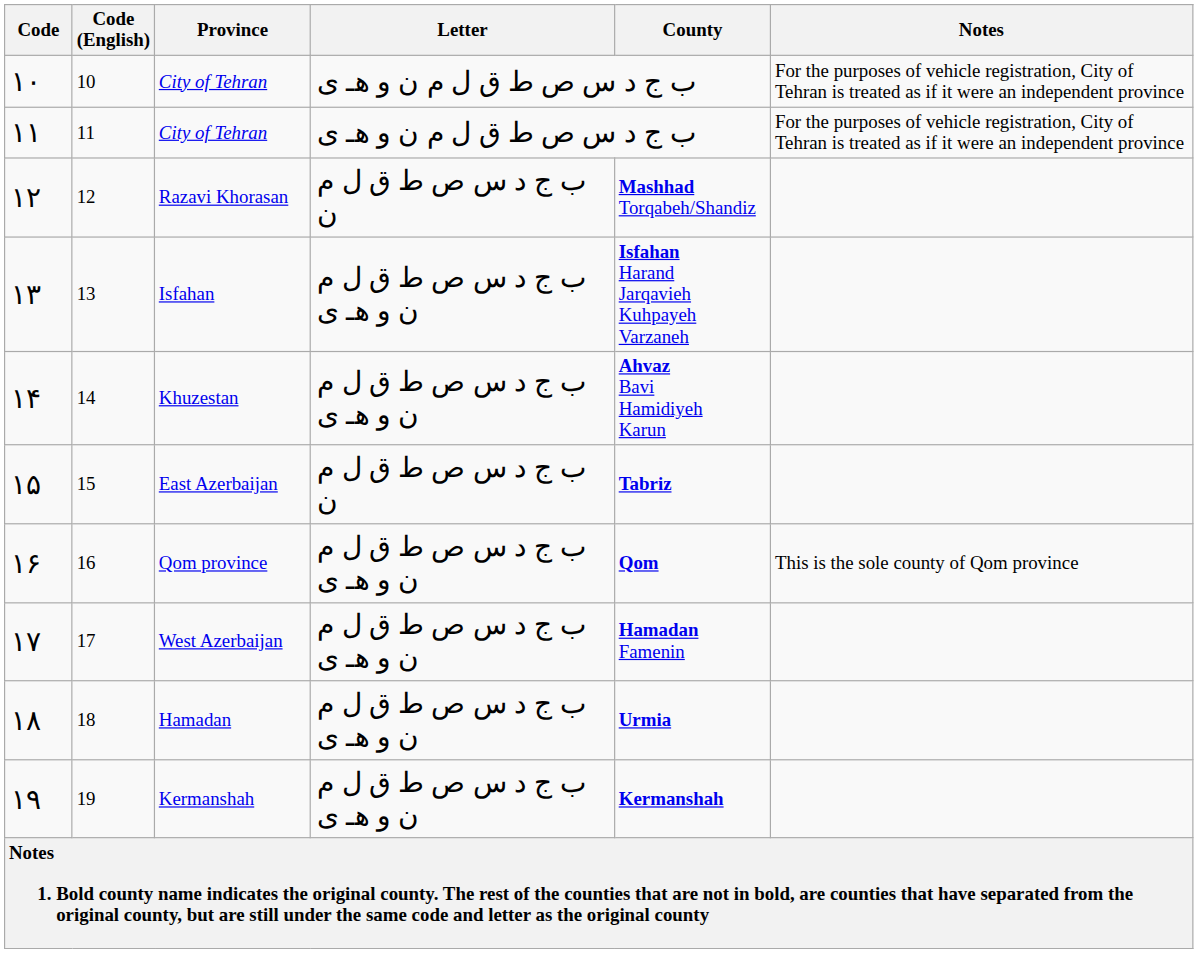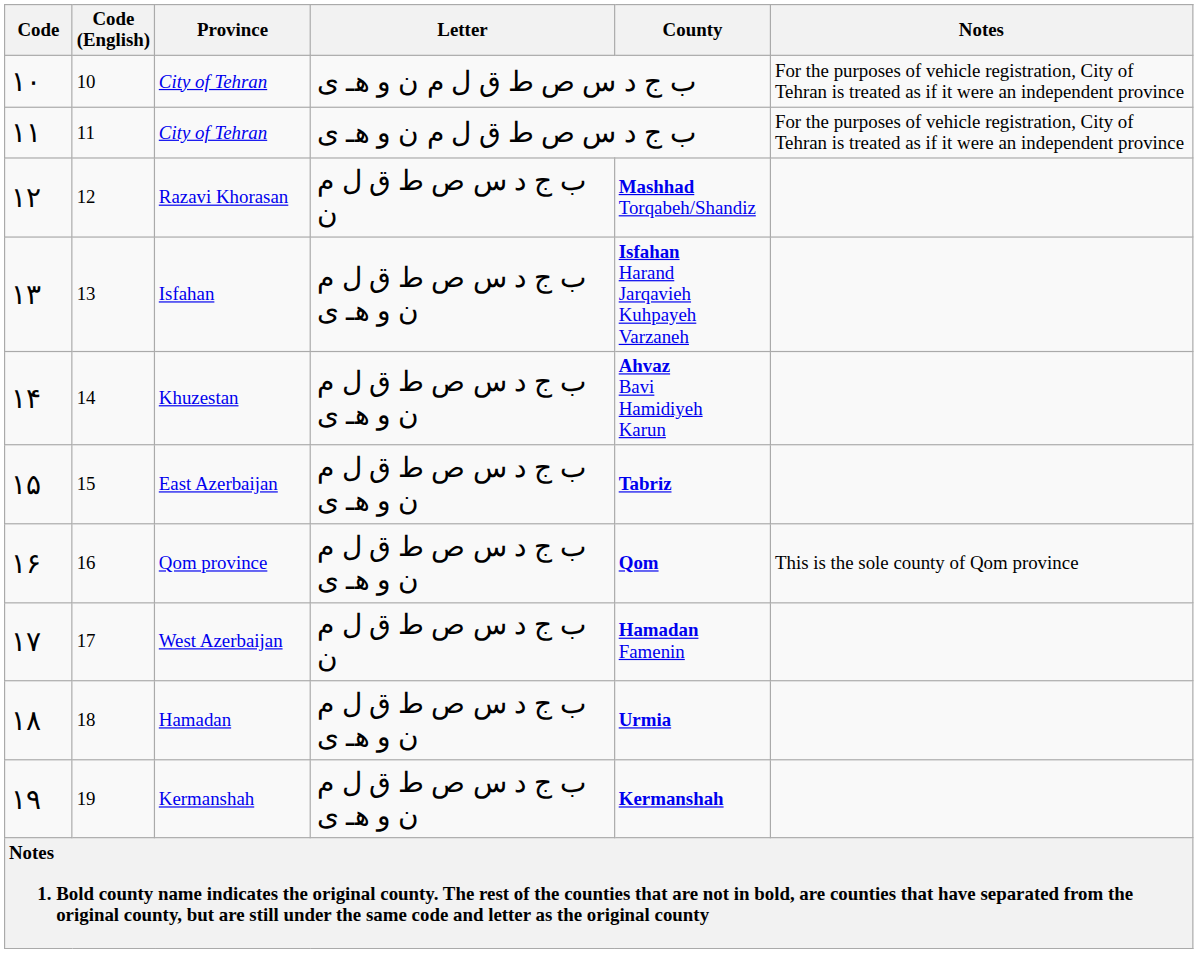 <table class="wikitable mw-collapsible mw-collapsed">
 <tr>
 <th scope="col" style="width: 50px;">Code</th>
 <th scope="col" style="width: 50px;">Code<br>(English)</th>
 <th scope="col" style="width: 125px;">Province</th>
 <th scope="col" style="width: 250px;">Letter</th>
 <th scope="col" style="width: 125px;">County</th>
 <th scope="col" style="width: 350px;">Notes</th>
 </tr>
 <tr>
 <td style="font-size:150%">۱۰</td>
 <td>10</td>
 <td><em><a href='#'>City of Tehran</a></em></td>
 <td style="font-size:150%" colspan="2">ب ج د س ص ط ق ل م ن و هـ ی</td>
 <td>For the purposes of vehicle registration, City of Tehran is treated as if it were an independent province</td>
 </tr>
 <tr>
 <td style="font-size:150%">۱۱</td>
 <td>11</td>
 <td><em><a href='#'>City of Tehran</a></em></td>
 <td style="font-size:150%" colspan="2">ب ج د س ص ط ق ل م ن و هـ ی</td>
 <td>For the purposes of vehicle registration, City of Tehran is treated as if it were an independent province</td>
 </tr>
 <tr>
 <td style="font-size:150%">۱۲</td>
 <td>12</td>
 <td><a href='#'>Razavi Khorasan</a></td>
 <td style="font-size:150%">ب ج د س ص ط ق ل م ن</td>
 <td><strong><a href='#'>Mashhad</a></strong><br><a href='#'>Torqabeh/Shandiz</a></td>
 <td></td>
 </tr>
 <tr>
 <td style="font-size:150%">۱۳</td>
 <td>13</td>
 <td><a href='#'>Isfahan</a></td>
 <td style="font-size:150%">ب ج د س ص ط ق ل م ن و هـ ی</td>
 <td><strong><a href='#'>Isfahan</a></strong><br><a href='#'>Harand</a><br><a href='#'>Jarqavieh</a><br><a href='#'>Kuhpayeh</a><br><a href='#'>Varzaneh</a></td>
 <td></td>
 </tr>
 <tr>
 <td style="font-size:150%">۱۴</td>
 <td>14</td>
 <td><a href='#'>Khuzestan</a></td>
 <td style="font-size:150%">ب ج د س ص ط ق ل م ن و هـ ی</td>
 <td><strong><a href='#'>Ahvaz</a></strong><br><a href='#'>Bavi</a><br><a href='#'>Hamidiyeh</a><br><a href='#'>Karun</a></td>
 <td></td>
 </tr>
 <tr>
 <td style="font-size:150%">۱۵</td>
 <td>15</td>
 <td><a href='#'>East Azerbaijan</a></td>
-<td style="font-size:150%">ب ج د س ص ط ق ل م ن</td>
+<td style="font-size:150%">ب ج د س ص ط ق ل م ن و هـ ی</td>
 <td><strong><a href='#'>Tabriz</a></strong></td>
 <td></td>
 </tr>
 <tr>
 <td style="font-size:150%">۱۶</td>
 <td>16</td>
 <td><a href='#'>Qom province</a></td>
 <td style="font-size:150%">ب ج د س ص ط ق ل م ن و هـ ی</td>
 <td><strong><a href='#'>Qom</a></strong></td>
 <td>This is the sole county of Qom province</td>
 </tr>
 <tr>
 <td style="font-size:150%">۱۷</td>
 <td>17</td>
 <td><a href='#'>West Azerbaijan</a></td>
-<td style="font-size:150%">ب ج د س ص ط ق ل م ن و هـ ی</td>
+<td style="font-size:150%">ب ج د س ص ط ق ل م ن</td>
 <td><strong><a href='#'>Hamadan</a></strong><br><a href='#'>Famenin</a></td>
 <td></td>
 </tr>
 <tr>
 <td style="font-size:150%">۱۸</td>
 <td>18</td>
 <td><a href='#'>Hamadan</a></td>
 <td style="font-size:150%">ب ج د س ص ط ق ل م ن و هـ ی</td>
 <td><strong><a href='#'>Urmia</a></strong></td>
 <td></td>
 </tr>
 <tr>
 <td style="font-size:150%">۱۹</td>
 <td>19</td>
 <td><a href='#'>Kermanshah</a></td>
 <td style="font-size:150%">ب ج د س ص ط ق ل م ن و هـ ی</td>
 <td><strong><a href='#'>Kermanshah</a></strong></td>
 <td></td>
 </tr>
 <tr>
 <th colspan="6" style=text-align:left>Notes<br><ol><li>Bold county name indicates the original county. The rest of the counties that are not in bold, are counties that have separated from the original county, but are still under the same code and letter as the original county</li></ol></th>
 </tr>
 </table>
